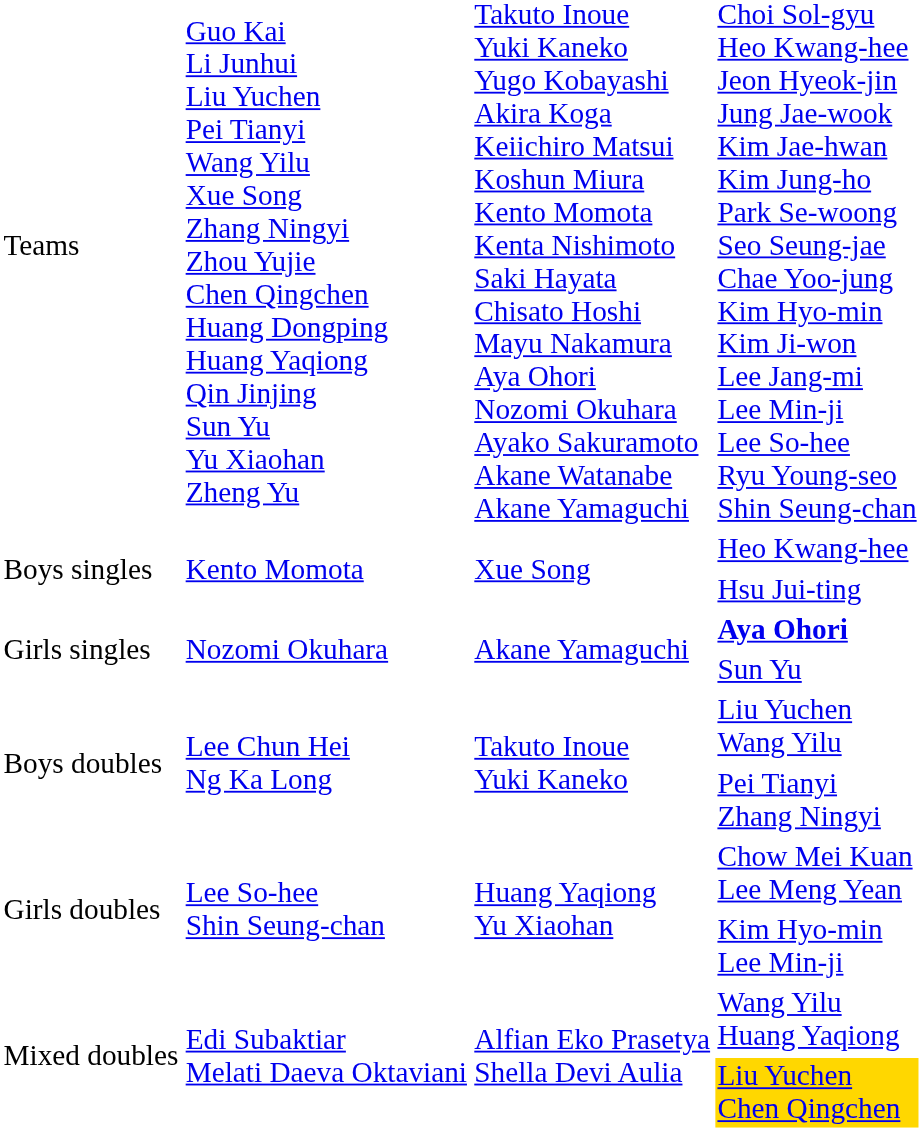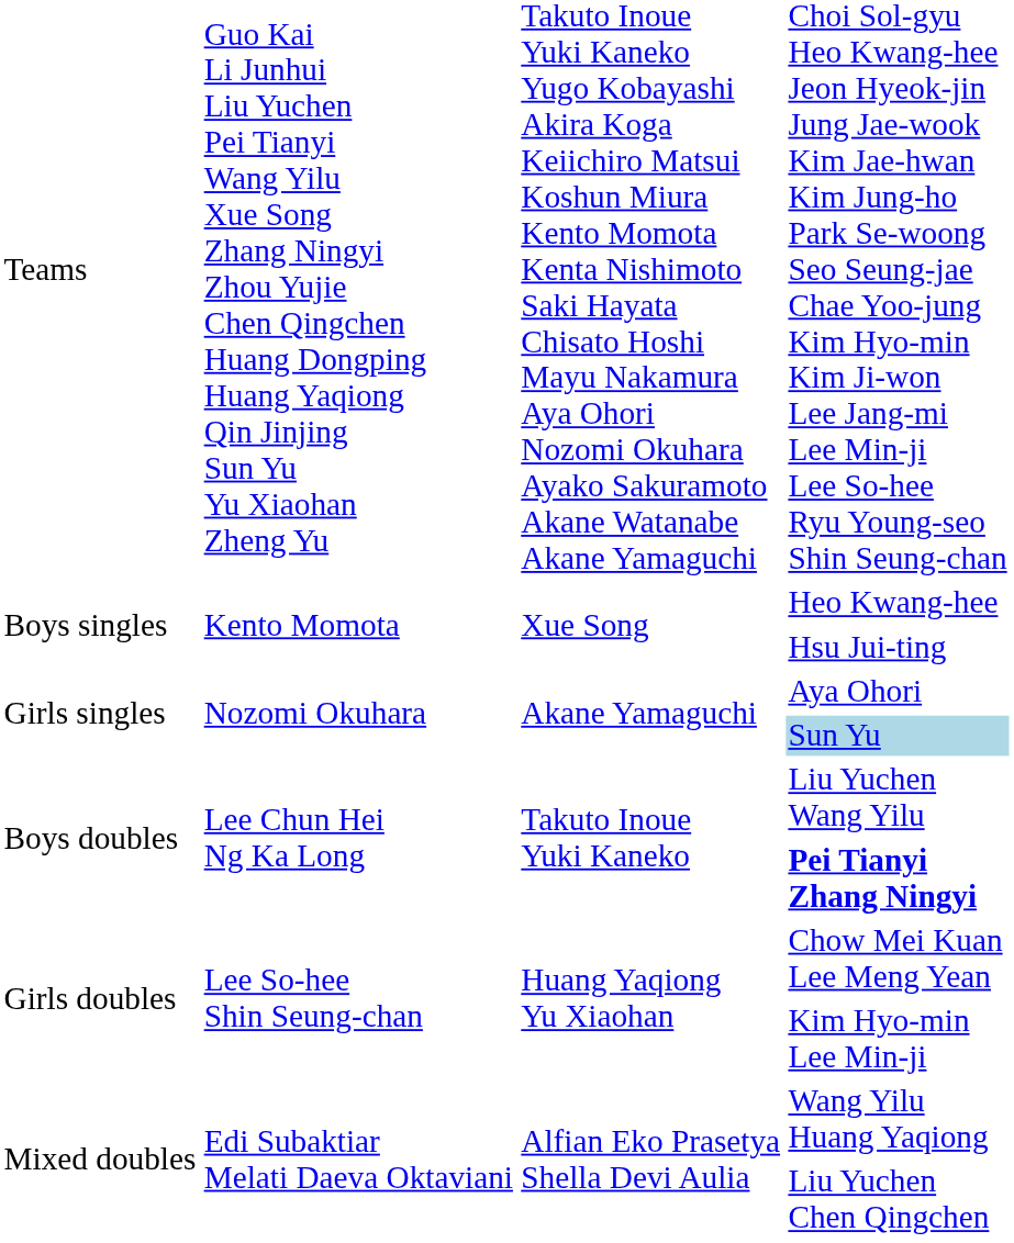 <table>
 <tr>
 <td>Teams<br></td>
 <td> <br><a href='#'>Guo Kai</a><br><a href='#'>Li Junhui</a><br><a href='#'>Liu Yuchen</a><br><a href='#'>Pei Tianyi</a><br><a href='#'>Wang Yilu</a><br><a href='#'>Xue Song</a><br><a href='#'>Zhang Ningyi</a><br><a href='#'>Zhou Yujie</a><br><a href='#'>Chen Qingchen</a><br><a href='#'>Huang Dongping</a><br><a href='#'>Huang Yaqiong</a><br><a href='#'>Qin Jinjing</a><br><a href='#'>Sun Yu</a><br><a href='#'>Yu Xiaohan</a><br><a href='#'>Zheng Yu</a></td>
 <td> <br><a href='#'>Takuto Inoue</a><br><a href='#'>Yuki Kaneko</a><br><a href='#'>Yugo Kobayashi</a><br><a href='#'>Akira Koga</a><br><a href='#'>Keiichiro Matsui</a><br><a href='#'>Koshun Miura</a><br><a href='#'>Kento Momota</a><br><a href='#'>Kenta Nishimoto</a><br><a href='#'>Saki Hayata</a><br><a href='#'>Chisato Hoshi</a><br><a href='#'>Mayu Nakamura</a><br><a href='#'>Aya Ohori</a><br><a href='#'>Nozomi Okuhara</a><br><a href='#'>Ayako Sakuramoto</a><br><a href='#'>Akane Watanabe</a><br><a href='#'>Akane Yamaguchi</a></td>
 <td> <br><a href='#'>Choi Sol-gyu</a><br><a href='#'>Heo Kwang-hee</a><br><a href='#'>Jeon Hyeok-jin</a><br><a href='#'>Jung Jae-wook</a><br><a href='#'>Kim Jae-hwan</a><br><a href='#'>Kim Jung-ho</a><br><a href='#'>Park Se-woong</a><br><a href='#'>Seo Seung-jae</a><br><a href='#'>Chae Yoo-jung</a><br><a href='#'>Kim Hyo-min</a><br><a href='#'>Kim Ji-won</a><br><a href='#'>Lee Jang-mi</a><br><a href='#'>Lee Min-ji</a><br><a href='#'>Lee So-hee</a><br><a href='#'>Ryu Young-seo</a><br><a href='#'>Shin Seung-chan</a></td>
 </tr>
 <tr>
 <td rowspan=2>Boys singles<br></td>
 <td rowspan=2> <a href='#'>Kento Momota</a></td>
 <td rowspan=2> <a href='#'>Xue Song</a></td>
 <td> <a href='#'>Heo Kwang-hee</a></td>
 </tr>
 <tr>
 <td> <a href='#'>Hsu Jui-ting</a></td>
 </tr>
 <tr>
 <td rowspan=2>Girls singles<br></td>
 <td rowspan=2> <a href='#'>Nozomi Okuhara</a></td>
 <td rowspan=2> <a href='#'>Akane Yamaguchi</a></td>
-<td><strong> <a href='#'>Aya Ohori</a></strong></td>
+<td> <a href='#'>Aya Ohori</a></td>
 </tr>
 <tr>
-<td> <a href='#'>Sun Yu</a></td>
+<td style="background: lightblue;"> <a href='#'>Sun Yu</a></td>
 </tr>
 <tr>
 <td rowspan=2>Boys doubles<br></td>
 <td rowspan=2> <a href='#'>Lee Chun Hei</a><br>  <a href='#'>Ng Ka Long</a></td>
 <td rowspan=2> <a href='#'>Takuto Inoue</a><br>  <a href='#'>Yuki Kaneko</a></td>
 <td> <a href='#'>Liu Yuchen</a><br>  <a href='#'>Wang Yilu</a></td>
 </tr>
 <tr>
-<td> <a href='#'>Pei Tianyi</a><br>  <a href='#'>Zhang Ningyi</a></td>
+<td><strong> <a href='#'>Pei Tianyi</a><br>  <a href='#'>Zhang Ningyi</a></strong></td>
 </tr>
 <tr>
 <td rowspan=2>Girls doubles<br></td>
 <td rowspan=2> <a href='#'>Lee So-hee</a><br>  <a href='#'>Shin Seung-chan</a></td>
 <td rowspan=2> <a href='#'>Huang Yaqiong</a><br>  <a href='#'>Yu Xiaohan</a></td>
 <td> <a href='#'>Chow Mei Kuan</a><br>  <a href='#'>Lee Meng Yean</a></td>
 </tr>
 <tr>
 <td> <a href='#'>Kim Hyo-min</a><br>  <a href='#'>Lee Min-ji</a></td>
 </tr>
 <tr>
 <td rowspan=2>Mixed doubles<br></td>
 <td rowspan=2> <a href='#'>Edi Subaktiar</a><br>  <a href='#'>Melati Daeva Oktaviani</a></td>
 <td rowspan=2> <a href='#'>Alfian Eko Prasetya</a><br>  <a href='#'>Shella Devi Aulia</a></td>
 <td> <a href='#'>Wang Yilu</a><br>  <a href='#'>Huang Yaqiong</a></td>
 </tr>
 <tr>
-<td style="background: gold;"> <a href='#'>Liu Yuchen</a><br>  <a href='#'>Chen Qingchen</a></td>
+<td> <a href='#'>Liu Yuchen</a><br>  <a href='#'>Chen Qingchen</a></td>
 </tr>
 </table>
